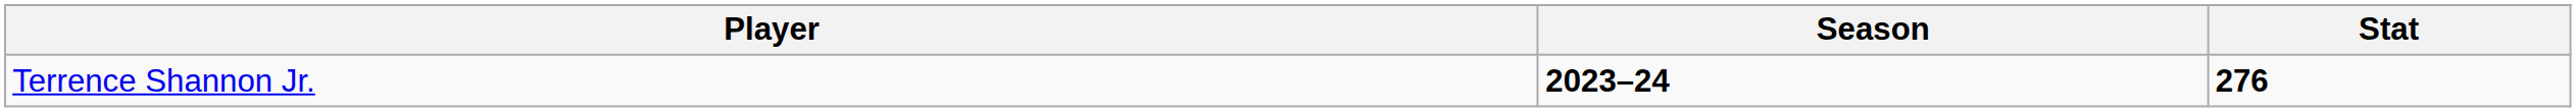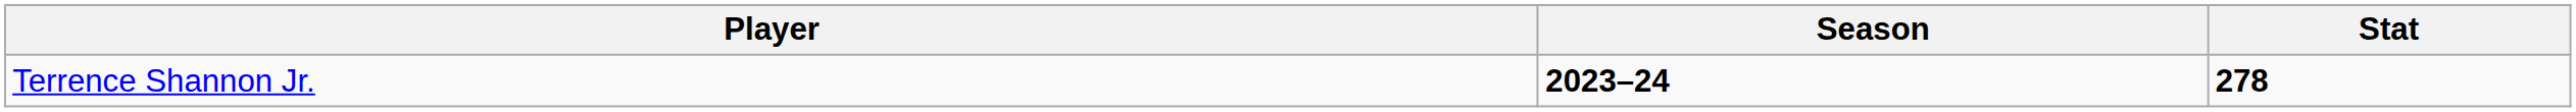 <table class="wikitable sortable" style="text-align: left; width: 65%">
 <tr>
 </tr>
 <tr>
 <th>Player</th>
 <th>Season</th>
 <th>Stat</th>
 </tr>
 <tr>
 <td><a href='#'>Terrence Shannon Jr.</a></td>
 <td><strong>2023–24</strong></td>
-<td><strong>276</strong></td>
+<td><strong>278</strong></td>
 </tr>
 </table>
